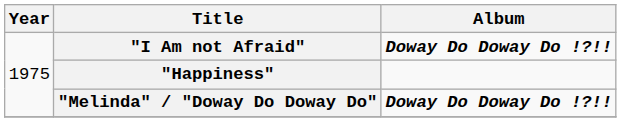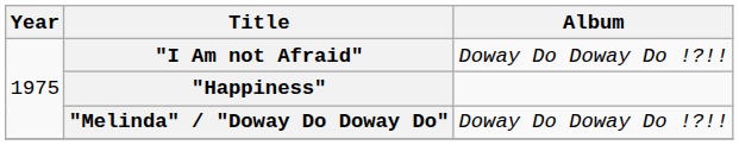 <table class="wikitable plainrowheaders" style="text-align:center;">
 <tr>
 <th>Year</th>
 <th>Title</th>
 <th>Album</th>
 </tr>
 <tr>
 <td rowspan="3">1975</td>
 <th scope="row">"I Am not Afraid"</th>
-<td><strong><em>Doway Do Doway Do !?!!</em></strong></td>
+<td><em>Doway Do Doway Do !?!!</em></td>
 </tr>
 <tr>
 <th scope="row">"Happiness"</th>
 <td></td>
 </tr>
 <tr>
 <th scope="row">"Melinda" / "Doway Do Doway Do"</th>
-<td><strong><em>Doway Do Doway Do !?!!</em></strong></td>
+<td><em>Doway Do Doway Do !?!!</em></td>
 </tr>
 <tr>
 </tr>
 </table>
